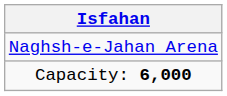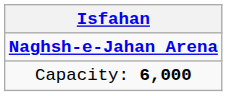 <table class="wikitable" style="text-align:center;">
 <tr>
 <th><a href='#'>Isfahan</a></th>
 </tr>
 <tr>
-<td><a href='#'>Naghsh-e-Jahan Arena</a></td>
+<td><strong><a href='#'>Naghsh-e-Jahan Arena</a></strong></td>
 </tr>
 <tr>
 <td>Capacity: <strong>6,000</strong></td>
 </tr>
 </table>
